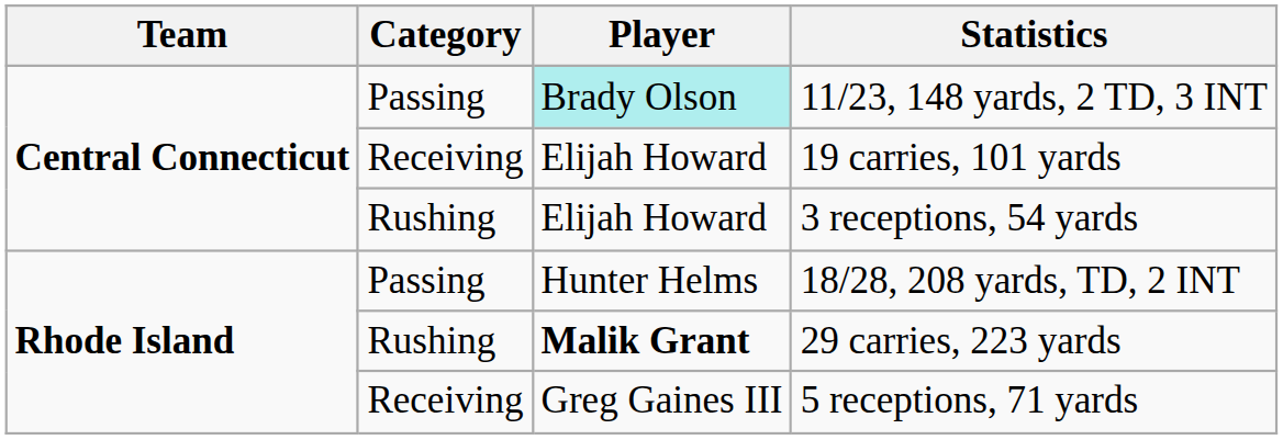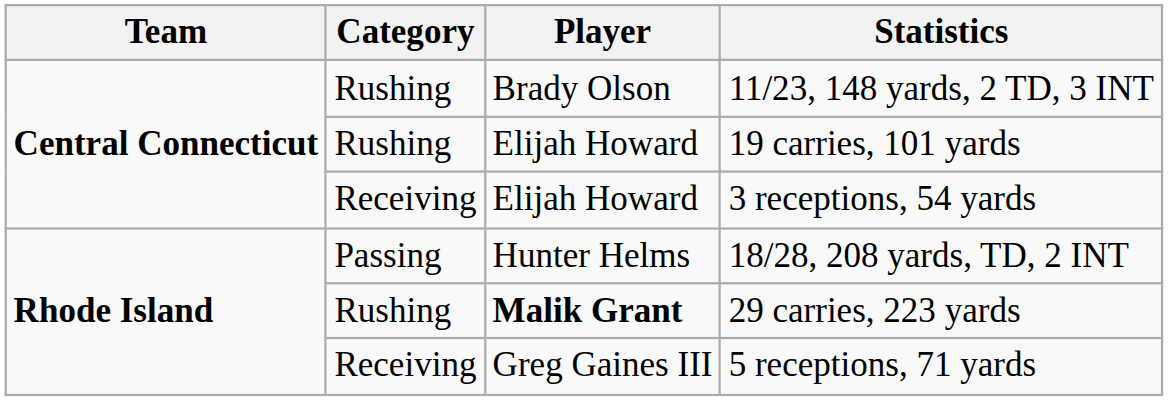 <table class="wikitable" style="float: right;">
 <tr>
 <th>Team</th>
 <th>Category</th>
 <th>Player</th>
 <th>Statistics</th>
 </tr>
 <tr>
 <td rowspan=3><strong>Central Connecticut</strong></td>
-<td>Passing</td>
-<td style="background: paleturquoise;">Brady Olson</td>
+<td>Rushing</td>
+<td>Brady Olson</td>
 <td>11/23, 148 yards, 2 TD, 3 INT</td>
 </tr>
 <tr>
-<td>Receiving</td>
+<td>Rushing</td>
 <td>Elijah Howard</td>
 <td>19 carries, 101 yards</td>
 </tr>
 <tr>
-<td>Rushing</td>
+<td>Receiving</td>
 <td>Elijah Howard</td>
 <td>3 receptions, 54 yards</td>
 </tr>
 <tr>
 <td rowspan=3><strong>Rhode Island</strong></td>
 <td>Passing</td>
 <td>Hunter Helms</td>
 <td>18/28, 208 yards, TD, 2 INT</td>
 </tr>
 <tr>
 <td>Rushing</td>
 <td><strong>Malik Grant</strong></td>
 <td>29 carries, 223 yards</td>
 </tr>
 <tr>
 <td>Receiving</td>
 <td>Greg Gaines III</td>
 <td>5 receptions, 71 yards</td>
 </tr>
 </table>
